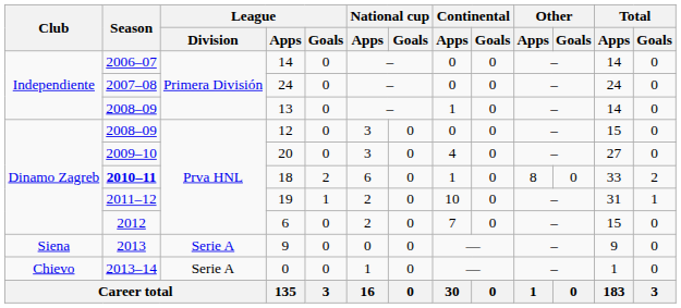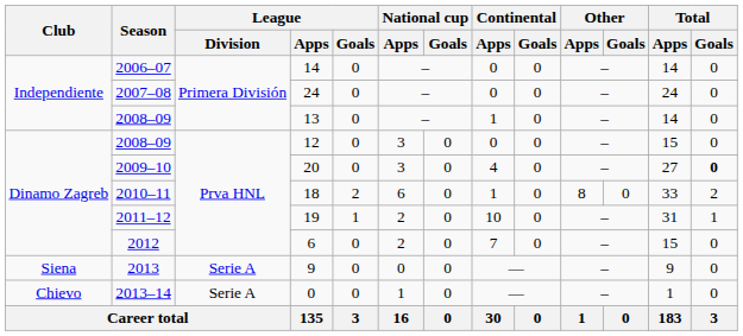 <table class="wikitable" style="text-align:center">
 <tr>
 <th rowspan="2">Club</th>
 <th rowspan="2">Season</th>
 <th colspan="3">League</th>
 <th colspan="2">National cup</th>
 <th colspan="2">Continental</th>
 <th colspan="2">Other</th>
 <th colspan="2">Total</th>
 </tr>
 <tr>
 <th>Division</th>
 <th>Apps</th>
 <th>Goals</th>
 <th>Apps</th>
 <th>Goals</th>
 <th>Apps</th>
 <th>Goals</th>
 <th>Apps</th>
 <th>Goals</th>
 <th>Apps</th>
 <th>Goals</th>
 </tr>
 <tr>
 <td rowspan="3"><a href='#'>Independiente</a></td>
 <td><a href='#'>2006–07</a></td>
 <td rowspan="3"><a href='#'>Primera División</a></td>
 <td>14</td>
 <td>0</td>
 <td colspan="2">–</td>
 <td>0</td>
 <td>0</td>
 <td colspan="2">–</td>
 <td>14</td>
 <td>0</td>
 </tr>
 <tr>
 <td><a href='#'>2007–08</a></td>
 <td>24</td>
 <td>0</td>
 <td colspan="2">–</td>
 <td>0</td>
 <td>0</td>
 <td colspan="2">–</td>
 <td>24</td>
 <td>0</td>
 </tr>
 <tr>
 <td><a href='#'>2008–09</a></td>
 <td>13</td>
 <td>0</td>
 <td colspan="2">–</td>
 <td>1</td>
 <td>0</td>
 <td colspan="2">–</td>
 <td>14</td>
 <td>0</td>
 </tr>
 <tr>
 <td rowspan="5"><a href='#'>Dinamo Zagreb</a></td>
 <td><a href='#'>2008–09</a></td>
 <td rowspan="5"><a href='#'>Prva HNL</a></td>
 <td>12</td>
 <td>0</td>
 <td>3</td>
 <td>0</td>
 <td>0</td>
 <td>0</td>
 <td colspan="2">–</td>
 <td>15</td>
 <td>0</td>
 </tr>
 <tr>
 <td><a href='#'>2009–10</a></td>
 <td>20</td>
 <td>0</td>
 <td>3</td>
 <td>0</td>
 <td>4</td>
 <td>0</td>
 <td colspan="2">–</td>
 <td>27</td>
-<td>0</td>
+<td><strong>0</strong></td>
 </tr>
 <tr>
-<td><strong><a href='#'>2010–11</a></strong></td>
+<td><a href='#'>2010–11</a></td>
 <td>18</td>
 <td>2</td>
 <td>6</td>
 <td>0</td>
 <td>1</td>
 <td>0</td>
 <td>8</td>
 <td>0</td>
 <td>33</td>
 <td>2</td>
 </tr>
 <tr>
 <td><a href='#'>2011–12</a></td>
 <td>19</td>
 <td>1</td>
 <td>2</td>
 <td>0</td>
 <td>10</td>
 <td>0</td>
 <td colspan="2">–</td>
 <td>31</td>
 <td>1</td>
 </tr>
 <tr>
 <td><a href='#'>2012</a></td>
 <td>6</td>
 <td>0</td>
 <td>2</td>
 <td>0</td>
 <td>7</td>
 <td>0</td>
 <td colspan="2">–</td>
 <td>15</td>
 <td>0</td>
 </tr>
 <tr>
 <td><a href='#'>Siena</a></td>
 <td><a href='#'>2013</a></td>
 <td><a href='#'>Serie A</a></td>
 <td>9</td>
 <td>0</td>
 <td>0</td>
 <td>0</td>
 <td colspan="2">—</td>
 <td colspan="2">–</td>
 <td>9</td>
 <td>0</td>
 </tr>
 <tr>
 <td><a href='#'>Chievo</a></td>
 <td><a href='#'>2013–14</a></td>
 <td>Serie A</td>
 <td>0</td>
 <td>0</td>
 <td>1</td>
 <td>0</td>
 <td colspan="2">—</td>
 <td colspan="2">–</td>
 <td>1</td>
 <td>0</td>
 </tr>
 <tr>
 <th colspan="3">Career total</th>
 <th>135</th>
 <th>3</th>
 <th>16</th>
 <th>0</th>
 <th>30</th>
 <th>0</th>
 <th>1</th>
 <th>0</th>
 <th>183</th>
 <th>3</th>
 </tr>
 </table>
